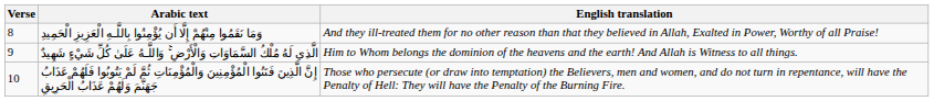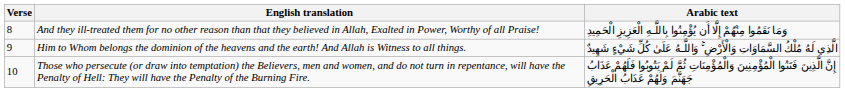 <table class="wikitable">
 <tr>
 <th>Verse</th>
+<th>English translation</th>
 <th>Arabic text</th>
-<th>English translation</th>
 </tr>
 <tr>
 <td>8</td>
+<td><em>And they ill-treated them for no other reason than that they believed in Allah, Exalted in Power, Worthy of all Praise!</em></td>
 <td>وَمَا نَقَمُوا مِنْهُمْ إِلَّا أَن يُؤْمِنُوا بِاللَّـهِ الْعَزِيزِ الْحَمِيدِ</td>
-<td><em>And they ill-treated them for no other reason than that they believed in Allah, Exalted in Power, Worthy of all Praise!</em></td>
 </tr>
 <tr>
 <td>9</td>
+<td><em>Him to Whom belongs the dominion of the heavens and the earth! And Allah is Witness to all things.</em></td>
 <td>الَّذِي لَهُ مُلْكُ السَّمَاوَاتِ وَالْأَرْ‌ضِ ۚ وَاللَّـهُ عَلَىٰ كُلِّ شَيْءٍ شَهِيدٌ</td>
-<td><em>Him to Whom belongs the dominion of the heavens and the earth! And Allah is Witness to all things.</em></td>
 </tr>
 <tr>
 <td>10</td>
+<td><em>Those who persecute (or draw into temptation) the Believers, men and women, and do not turn in repentance, will have the Penalty of Hell: They will have the Penalty of the Burning Fire.</em></td>
 <td>إِنَّ الَّذِينَ فَتَنُوا الْمُؤْمِنِينَ وَالْمُؤْمِنَاتِ ثُمَّ لَمْ يَتُوبُوا فَلَهُمْ عَذَابُ جَهَنَّمَ وَلَهُمْ عَذَابُ الْحَرِ‌يقِ</td>
-<td><em>Those who persecute (or draw into temptation) the Believers, men and women, and do not turn in repentance, will have the Penalty of Hell: They will have the Penalty of the Burning Fire.</em></td>
 </tr>
 </table>
